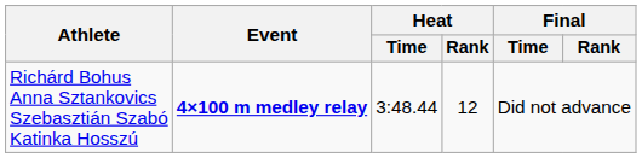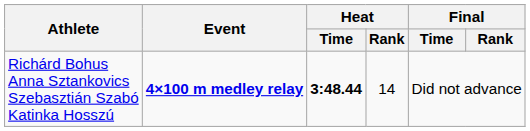 <table class="wikitable" style="text-align:center; font-size:90%">
 <tr>
 <th rowspan=2>Athlete</th>
 <th rowspan=2>Event</th>
 <th colspan=2>Heat</th>
 <th colspan=2>Final</th>
 </tr>
 <tr style="font-size:95%">
 <th>Time</th>
 <th>Rank</th>
 <th>Time</th>
 <th>Rank</th>
 </tr>
 <tr>
 <td align=left><a href='#'>Richárd Bohus</a><br><a href='#'>Anna Sztankovics</a><br><a href='#'>Szebasztián Szabó</a><br><a href='#'>Katinka Hosszú</a></td>
 <td align=left><strong><a href='#'>4×100 m medley relay</a></strong></td>
-<td>3:48.44</td>
-<td>12</td>
+<td><strong>3:48.44</strong></td>
+<td>14</td>
 <td colspan=2>Did not advance</td>
 </tr>
 </table>
